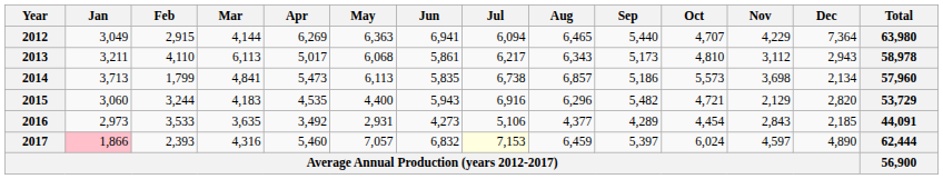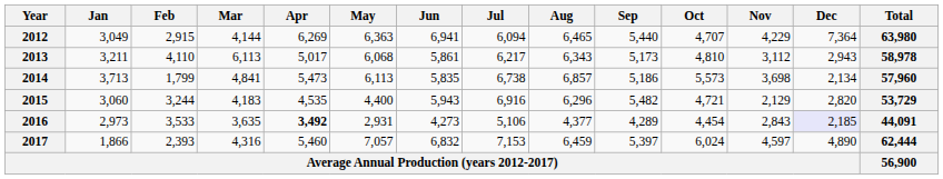 <table class=wikitable style="text-align:right; font-size:0.9em; width:1050px;">
 <tr>
 <th>Year</th>
 <th>Jan</th>
 <th>Feb</th>
 <th>Mar</th>
 <th>Apr</th>
 <th>May</th>
 <th>Jun</th>
 <th>Jul</th>
 <th>Aug</th>
 <th>Sep</th>
 <th>Oct</th>
 <th>Nov</th>
 <th>Dec</th>
 <th>Total</th>
 </tr>
 <tr>
 <th>2012</th>
 <td>3,049</td>
 <td>2,915</td>
 <td>4,144</td>
 <td>6,269</td>
 <td>6,363</td>
 <td>6,941</td>
 <td>6,094</td>
 <td>6,465</td>
 <td>5,440</td>
 <td>4,707</td>
 <td>4,229</td>
 <td>7,364</td>
 <th>63,980</th>
 </tr>
 <tr>
 <th>2013</th>
 <td>3,211</td>
 <td>4,110</td>
 <td>6,113</td>
 <td>5,017</td>
 <td>6,068</td>
 <td>5,861</td>
 <td>6,217</td>
 <td>6,343</td>
 <td>5,173</td>
 <td>4,810</td>
 <td>3,112</td>
 <td>2,943</td>
 <th>58,978</th>
 </tr>
 <tr>
 <th>2014</th>
 <td>3,713</td>
 <td>1,799</td>
 <td>4,841</td>
 <td>5,473</td>
 <td>6,113</td>
 <td>5,835</td>
 <td>6,738</td>
 <td>6,857</td>
 <td>5,186</td>
 <td>5,573</td>
 <td>3,698</td>
 <td>2,134</td>
 <th>57,960</th>
 </tr>
 <tr>
 <th>2015</th>
 <td>3,060</td>
 <td>3,244</td>
 <td>4,183</td>
 <td>4,535</td>
 <td>4,400</td>
 <td>5,943</td>
 <td>6,916</td>
 <td>6,296</td>
 <td>5,482</td>
 <td>4,721</td>
 <td>2,129</td>
 <td>2,820</td>
 <th>53,729</th>
 </tr>
 <tr>
 <th>2016</th>
 <td>2,973</td>
 <td>3,533</td>
 <td>3,635</td>
-<td>3,492</td>
+<td><strong>3,492</strong></td>
 <td>2,931</td>
 <td>4,273</td>
 <td>5,106</td>
 <td>4,377</td>
 <td>4,289</td>
 <td>4,454</td>
 <td>2,843</td>
-<td>2,185</td>
+<td style="background: lavender;">2,185</td>
 <th>44,091</th>
 </tr>
 <tr>
 <th>2017</th>
-<td style="background: pink;">1,866</td>
+<td>1,866</td>
 <td>2,393</td>
 <td>4,316</td>
 <td>5,460</td>
 <td>7,057</td>
 <td>6,832</td>
-<td style="background: lightyellow;">7,153</td>
+<td>7,153</td>
 <td>6,459</td>
 <td>5,397</td>
 <td>6,024</td>
 <td>4,597</td>
 <td>4,890</td>
 <th>62,444</th>
 </tr>
 <tr>
 <th colspan=13>Average Annual Production (years 2012-2017)</th>
 <th>56,900</th>
 </tr>
 </table>
